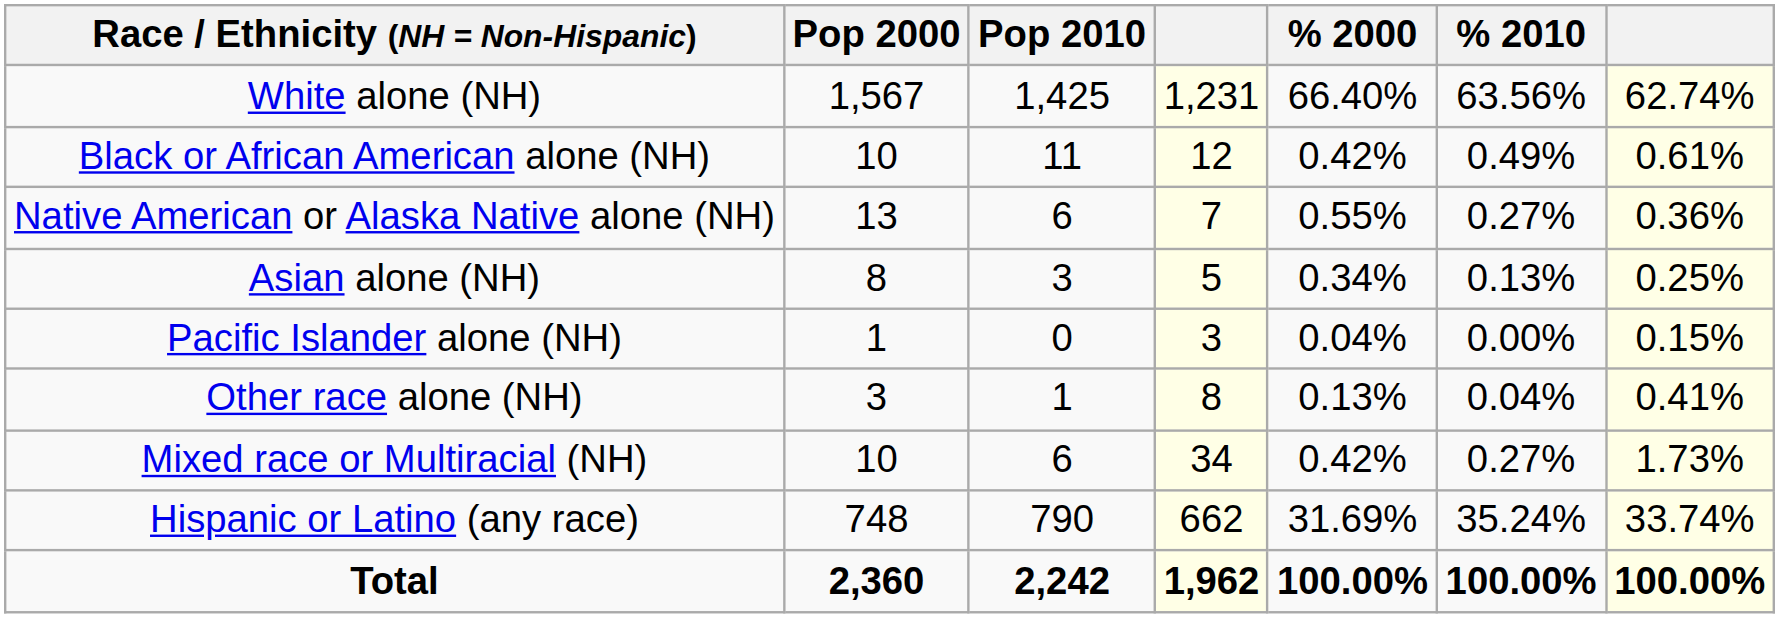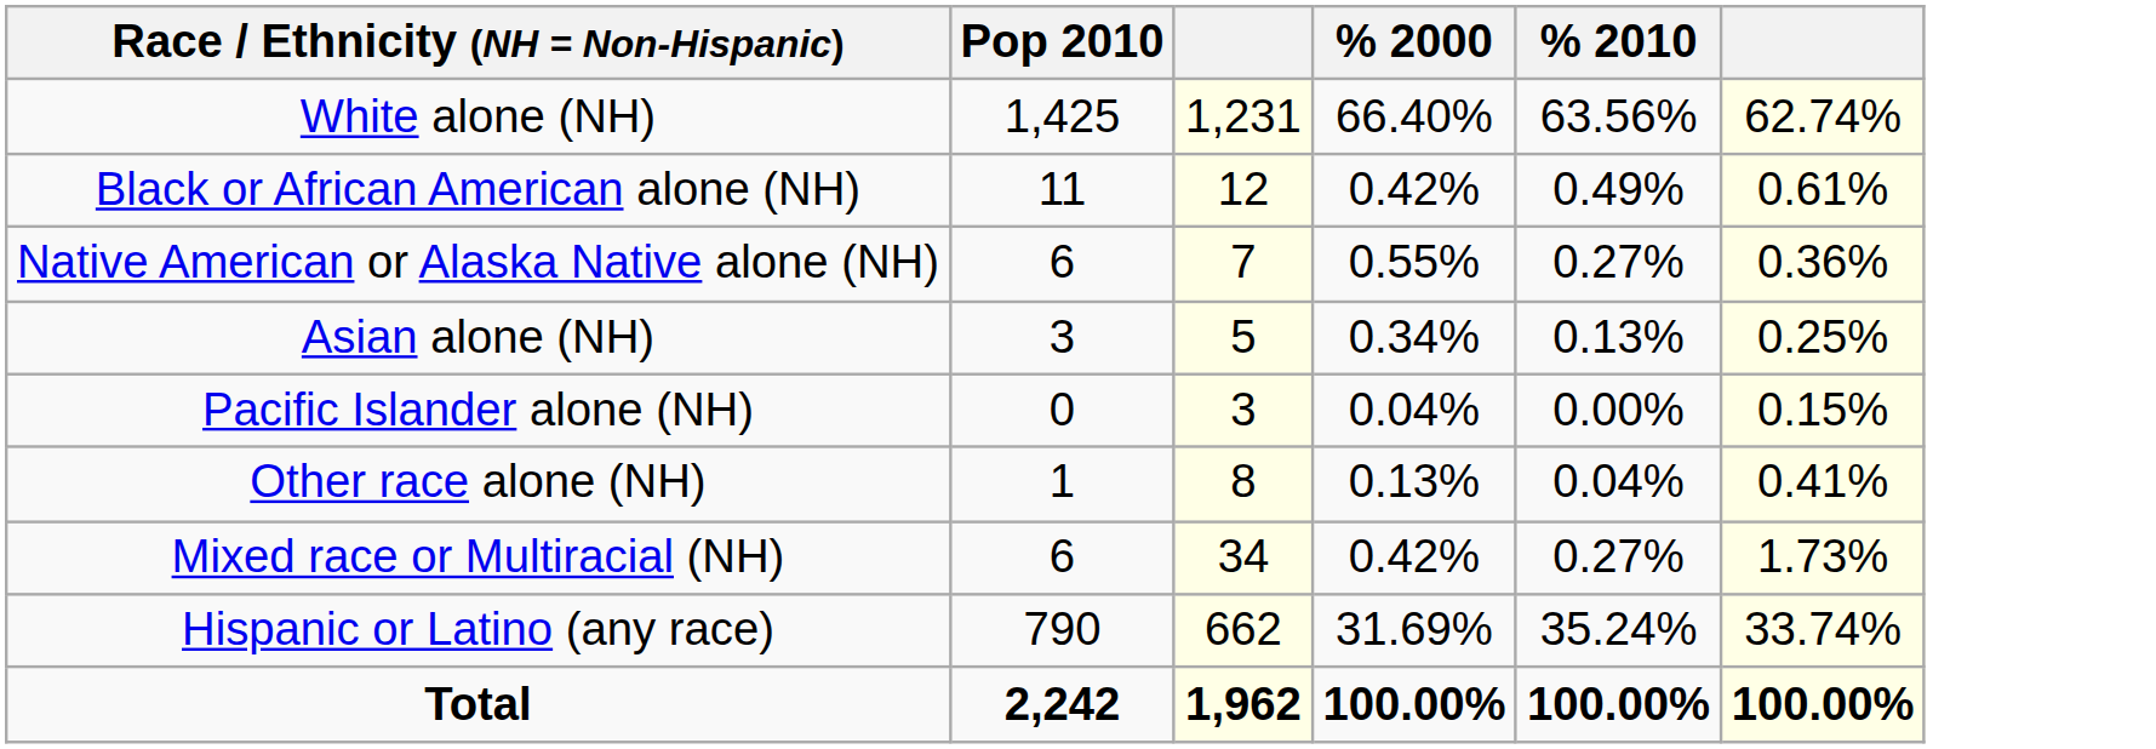 <table class="wikitable" style="text-align:center;">
 <tr>
 <th>Race / Ethnicity <small>(<em>NH = Non-Hispanic</em>)</small></th>
-<th>Pop 2000</th>
 <th>Pop 2010</th>
 <th></th>
 <th>% 2000</th>
 <th>% 2010</th>
 <th></th>
 </tr>
 <tr>
 <td><a href='#'>White</a> alone (NH)</td>
-<td>1,567</td>
 <td>1,425</td>
 <td style='background: #ffffe6;'>1,231</td>
 <td>66.40%</td>
 <td>63.56%</td>
 <td style='background: #ffffe6;'>62.74%</td>
 </tr>
 <tr>
 <td><a href='#'>Black or African American</a> alone (NH)</td>
-<td>10</td>
 <td>11</td>
 <td style='background: #ffffe6;'>12</td>
 <td>0.42%</td>
 <td>0.49%</td>
 <td style='background: #ffffe6;'>0.61%</td>
 </tr>
 <tr>
 <td><a href='#'>Native American</a> or <a href='#'>Alaska Native</a> alone (NH)</td>
-<td>13</td>
 <td>6</td>
 <td style='background: #ffffe6;'>7</td>
 <td>0.55%</td>
 <td>0.27%</td>
 <td style='background: #ffffe6;'>0.36%</td>
 </tr>
 <tr>
 <td><a href='#'>Asian</a> alone (NH)</td>
-<td>8</td>
 <td>3</td>
 <td style='background: #ffffe6;'>5</td>
 <td>0.34%</td>
 <td>0.13%</td>
 <td style='background: #ffffe6;'>0.25%</td>
 </tr>
 <tr>
 <td><a href='#'>Pacific Islander</a> alone (NH)</td>
-<td>1</td>
 <td>0</td>
 <td style='background: #ffffe6;'>3</td>
 <td>0.04%</td>
 <td>0.00%</td>
 <td style='background: #ffffe6;'>0.15%</td>
 </tr>
 <tr>
 <td><a href='#'>Other race</a> alone (NH)</td>
-<td>3</td>
 <td>1</td>
 <td style='background: #ffffe6;'>8</td>
 <td>0.13%</td>
 <td>0.04%</td>
 <td style='background: #ffffe6;'>0.41%</td>
 </tr>
 <tr>
 <td><a href='#'>Mixed race or Multiracial</a> (NH)</td>
-<td>10</td>
 <td>6</td>
 <td style='background: #ffffe6;'>34</td>
 <td>0.42%</td>
 <td>0.27%</td>
 <td style='background: #ffffe6;'>1.73%</td>
 </tr>
 <tr>
 <td><a href='#'>Hispanic or Latino</a> (any race)</td>
-<td>748</td>
 <td>790</td>
 <td style='background: #ffffe6;'>662</td>
 <td>31.69%</td>
 <td>35.24%</td>
 <td style='background: #ffffe6;'>33.74%</td>
 </tr>
 <tr>
 <td><strong>Total</strong></td>
-<td><strong>2,360</strong></td>
 <td><strong>2,242</strong></td>
 <td style='background: #ffffe6;'><strong>1,962</strong></td>
 <td><strong>100.00%</strong></td>
 <td><strong>100.00%</strong></td>
 <td style='background: #ffffe6;'><strong>100.00%</strong></td>
 </tr>
 </table>
